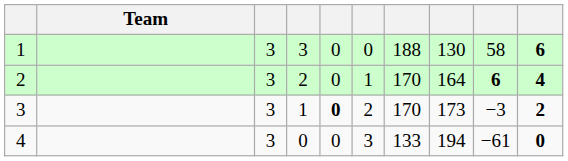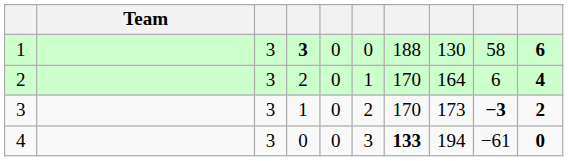 <table class=wikitable style=text-align:center>
 <tr>
 <th width=20 abbr=Position></th>
 <th width=175>Team</th>
 <th width=20 abbr=Played></th>
 <th width=20 abbr=Won></th>
 <th width=20 abbr=Drawn></th>
 <th width=20 abbr=Lost></th>
 <th width=30 abbr=Goal For></th>
 <th width=30 abbr=Goal Against></th>
 <th width=30 abbr=Goal Difference></th>
 <th width=30 abbr=Points></th>
 </tr>
 <tr bgcolor=#CCFFCC>
 <td>1 </td>
 <td align=left></td>
 <td>3</td>
-<td>3</td>
+<td><strong>3</strong></td>
 <td>0</td>
 <td>0</td>
 <td>188</td>
 <td>130</td>
 <td>58</td>
 <td><strong>6</strong></td>
 </tr>
 <tr bgcolor=#CCFFCC>
 <td>2 </td>
 <td align=left></td>
 <td>3</td>
 <td>2</td>
 <td>0</td>
 <td>1</td>
 <td>170</td>
 <td>164</td>
-<td><strong>6</strong></td>
+<td>6</td>
 <td><strong>4</strong></td>
 </tr>
 <tr>
 <td>3 </td>
 <td align=left></td>
 <td>3</td>
 <td>1</td>
-<td><strong>0</strong></td>
+<td>0</td>
 <td>2</td>
 <td>170</td>
 <td>173</td>
-<td>−3</td>
+<td><strong>−3</strong></td>
 <td><strong>2</strong></td>
 </tr>
 <tr>
 <td>4 </td>
 <td align=left></td>
 <td>3</td>
 <td>0</td>
 <td>0</td>
 <td>3</td>
-<td>133</td>
+<td><strong>133</strong></td>
 <td>194</td>
 <td>−61</td>
 <td><strong>0</strong></td>
 </tr>
 </table>
